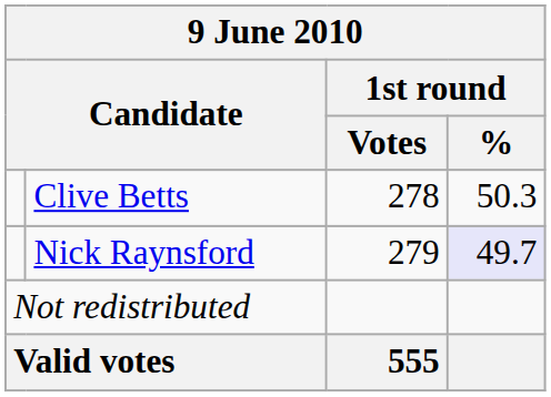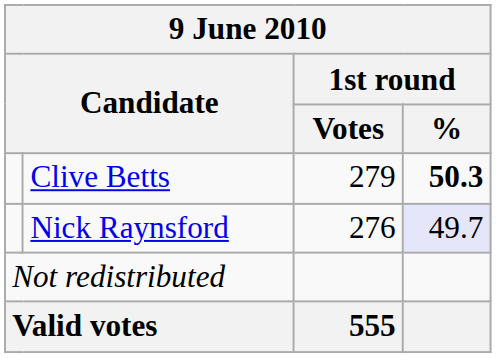 <table class="wikitable" style="min-width:250px;">
 <tr>
 <th colspan="4">9 June 2010</th>
 </tr>
 <tr>
 <th colspan="2" rowspan="2">Candidate</th>
 <th colspan="2">1st round</th>
 </tr>
 <tr>
 <th>Votes</th>
 <th>%</th>
 </tr>
 <tr>
 <td style="color:inherit;background-color: "></td>
 <td><a href='#'>Clive Betts</a></td>
-<td align="right">278</td>
-<td align="right">50.3</td>
+<td align="right">279</td>
+<td align="right"><strong>50.3</strong></td>
 </tr>
 <tr>
 <td style="color:inherit;background-color: "></td>
 <td><a href='#'>Nick Raynsford</a></td>
-<td align="right">279</td>
+<td align="right">276</td>
 <td align="right" style="background: lavender;">49.7</td>
 </tr>
 <tr>
 <td colspan="2"><em>Not redistributed</em></td>
 <td align="right"></td>
 <td align="right"></td>
 </tr>
 <tr>
 <th style="text-align:left;" colspan="2"><strong>Valid votes</strong></th>
 <th style="text-align:right;">555</th>
 <th style="text-align:right;"></th>
 </tr>
 </table>
